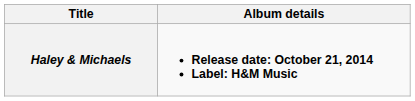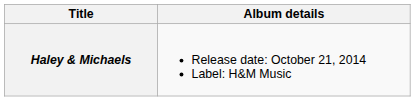 <table class="wikitable plainrowheaders">
 <tr>
 <th style="width:12em;">Title</th>
 <th style="width:20em;">Album details</th>
 </tr>
 <tr>
 <th scope="row"><em>Haley & Michaels</em></th>
-<td><strong><br><ul><li>Release date: October 21, 2014</li><li>Label: H&M Music</li></ul></strong></td>
+<td><br><ul><li>Release date: October 21, 2014</li><li>Label: H&M Music</li></ul></td>
 </tr>
 </table>
